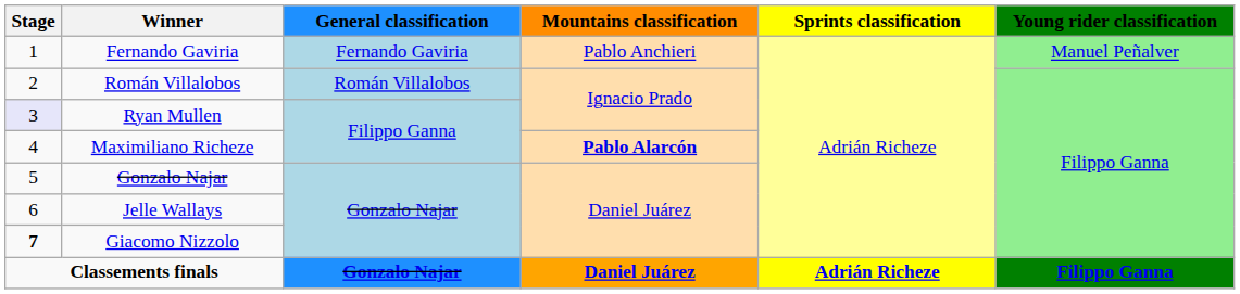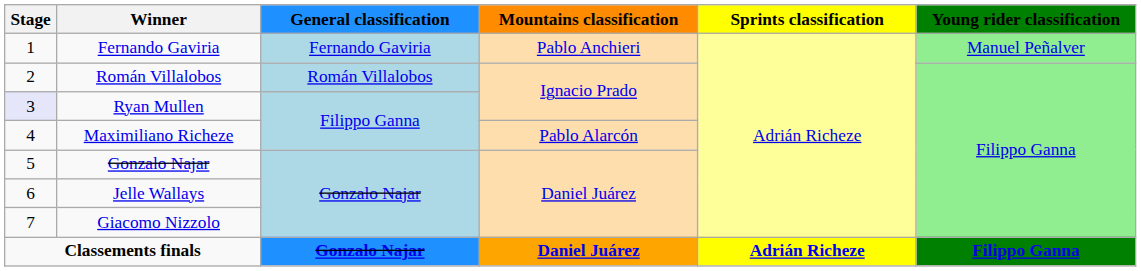 <table class="wikitable" style="text-align: center; font-size:smaller;">
 <tr style="background:#EFEFEF;">
 <th scope=col width="1%">Stage</th>
 <th scope=col width="14%">Winner</th>
 <th style="background:dodgerblue;" width="15%">General classification<br></th>
 <th style="background:#FF8C00;" width="15%">Mountains classification<br></th>
 <th style="background:yellow;" width="15%">Sprints classification<br></th>
 <th style="background:green;" width="15%">Young rider classification<br></th>
 </tr>
 <tr>
 <td>1</td>
 <td><a href='#'>Fernando Gaviria</a></td>
 <td style="background-color:#ADD8E6"><a href='#'>Fernando Gaviria</a></td>
 <td style="background-color:navajowhite"><a href='#'>Pablo Anchieri</a></td>
 <td style="background-color:#FFFF99" rowspan="7"><a href='#'>Adrián Richeze</a></td>
 <td style="background-color:lightgreen;"><a href='#'>Manuel Peñalver</a></td>
 </tr>
 <tr>
 <td>2</td>
 <td><a href='#'>Román Villalobos</a></td>
 <td style="background:#ADD8E6;"><a href='#'>Román Villalobos</a></td>
 <td style="background-color:navajowhite" rowspan="2"><a href='#'>Ignacio Prado</a></td>
 <td style="background:lightgreen;" rowspan="6"><a href='#'>Filippo Ganna</a></td>
 </tr>
 <tr>
 <td style="background: lavender;">3</td>
 <td><a href='#'>Ryan Mullen</a></td>
 <td style="background:#ADD8E6;" rowspan="2"><a href='#'>Filippo Ganna</a></td>
 </tr>
 <tr>
 <td>4</td>
 <td><a href='#'>Maximiliano Richeze</a></td>
-<td style="background-color:navajowhite"><strong><a href='#'>Pablo Alarcón</a></strong></td>
+<td style="background-color:navajowhite"><a href='#'>Pablo Alarcón</a></td>
 </tr>
 <tr>
 <td>5</td>
 <td><s><a href='#'>Gonzalo Najar</a></s></td>
 <td style="background:#ADD8E6;" rowspan="3"><s><a href='#'>Gonzalo Najar</a></s></td>
 <td style="background-color:navajowhite" rowspan="3"><a href='#'>Daniel Juárez</a></td>
 </tr>
 <tr>
 <td>6</td>
 <td><a href='#'>Jelle Wallays</a></td>
 </tr>
 <tr>
-<td><strong>7</strong></td>
+<td>7</td>
 <td><a href='#'>Giacomo Nizzolo</a></td>
 </tr>
 <tr>
 <td colspan=2><strong>Classements finals</strong></td>
 <td style="background:dodgerblue;" width="15%"><strong><s><a href='#'>Gonzalo Najar</a></s></strong></td>
 <td style="background:orange;" rowspan="1"><strong><a href='#'>Daniel Juárez</a></strong></td>
 <td style="background:yellow;" width="15%"><strong><a href='#'>Adrián Richeze</a></strong></td>
 <td style="background:green;" width="15%"><strong><a href='#'>Filippo Ganna</a></strong></td>
 </tr>
 </table>
